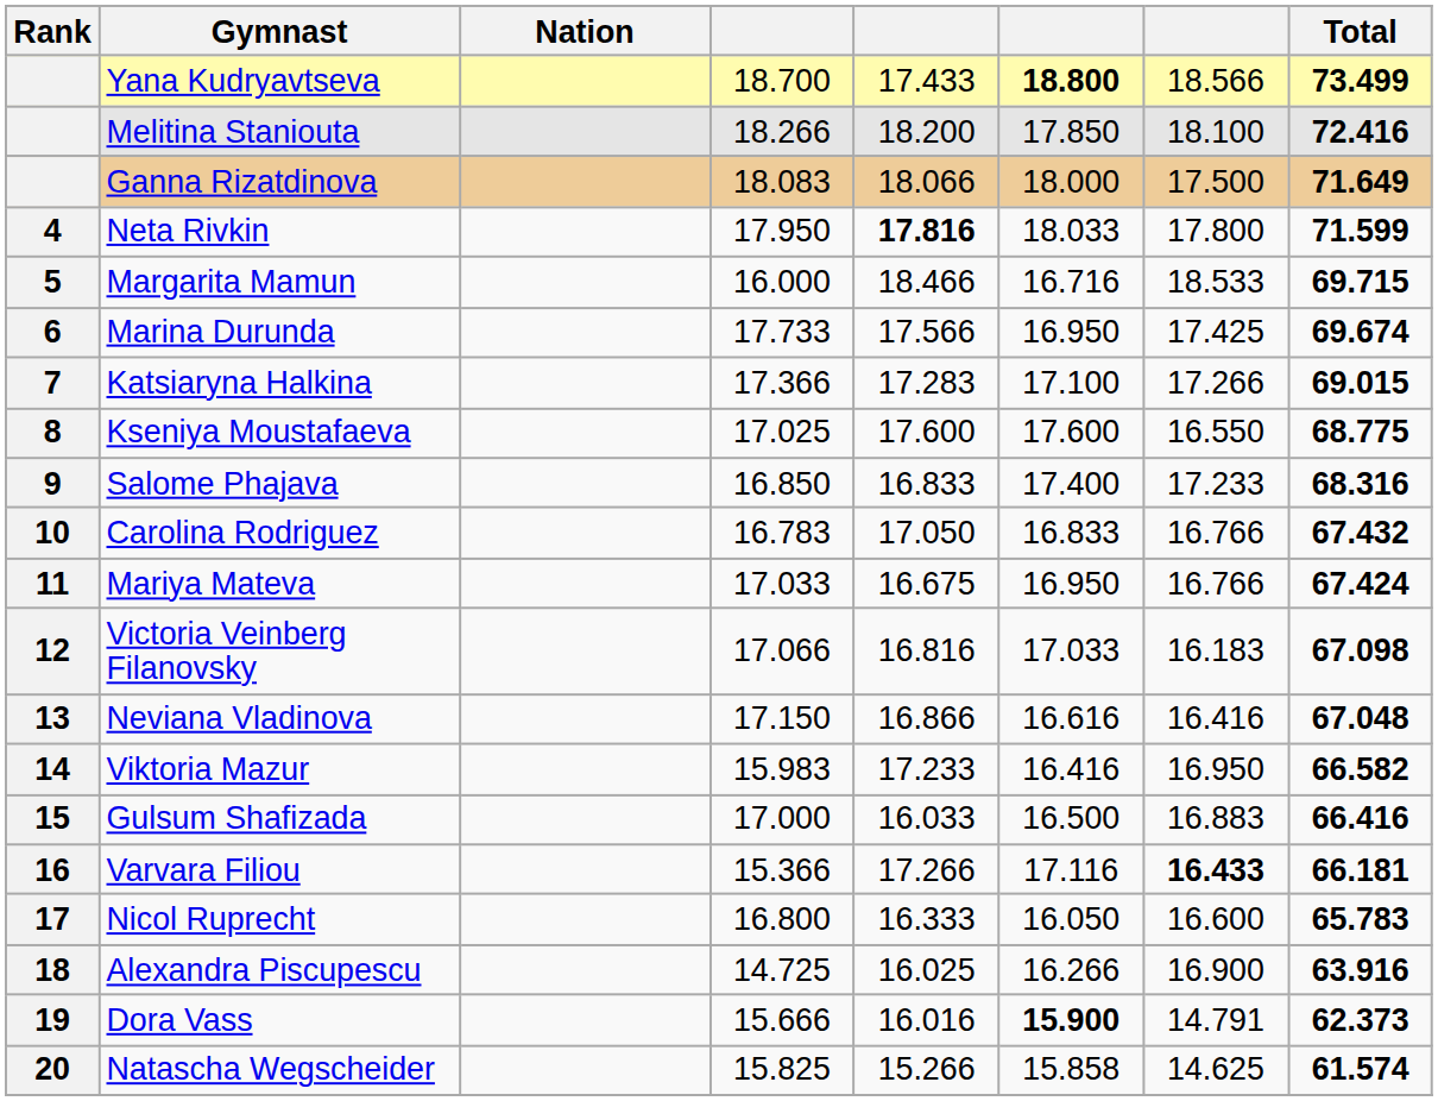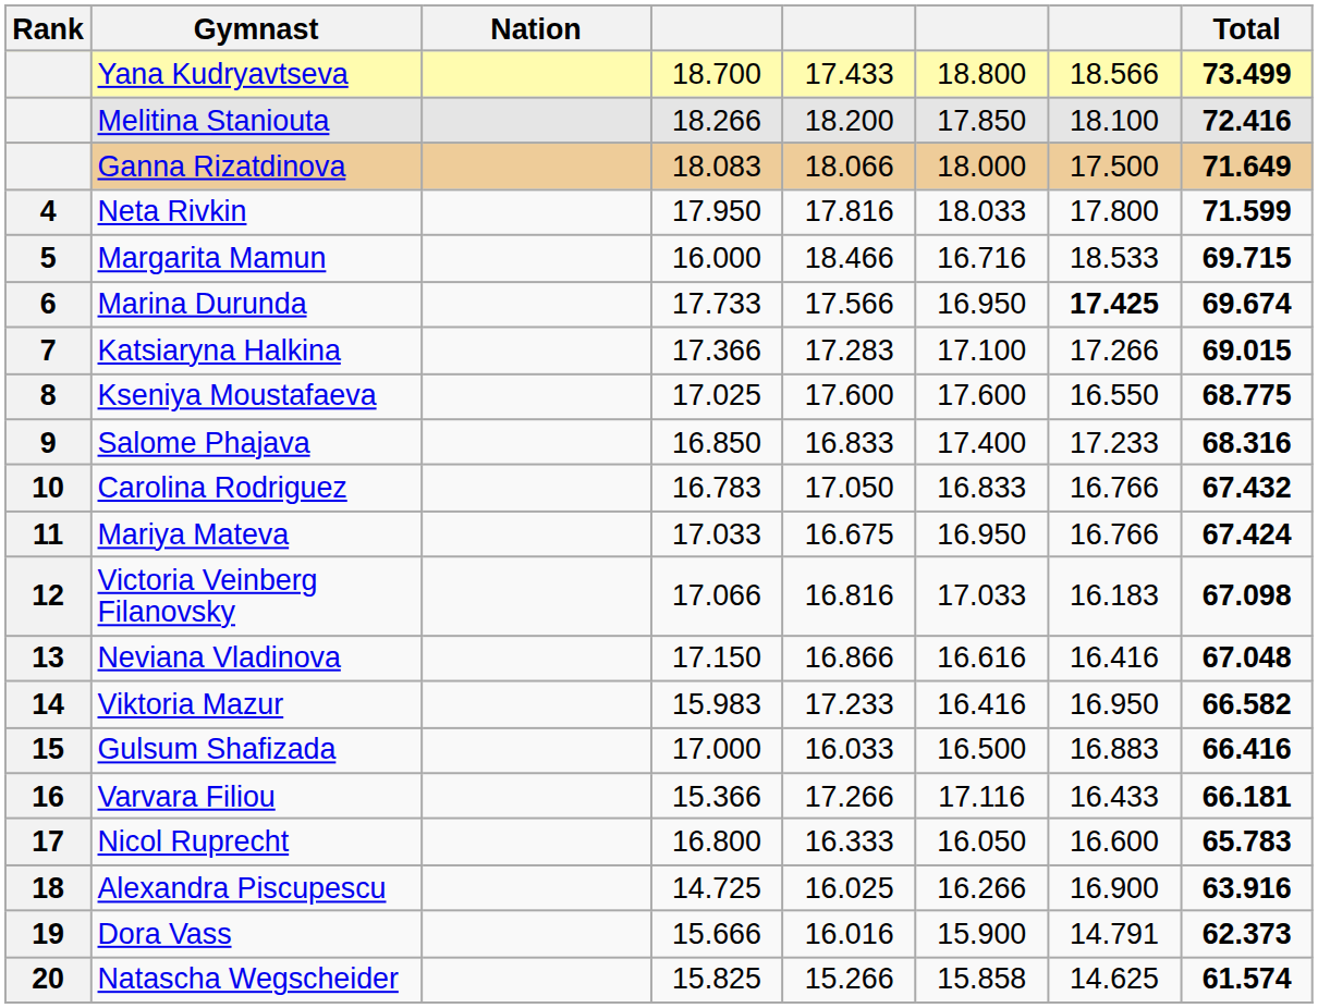 <table class="wikitable sortable" style="text-align:center; font-size:85%">
 <tr>
 <th scope="col" style="width:20px;">Rank</th>
 <th ! scope="col" style="width:170px;">Gymnast</th>
 <th ! scope="col" style="width:120px;">Nation</th>
 <th ! scope="col" style="width:60px;"></th>
 <th ! scope="col" style="width:60px;"></th>
 <th ! scope="col" style="width:60px;"></th>
 <th ! scope="col" style="width:60px;"></th>
 <th ! scope="col" style="width:60px;">Total</th>
 </tr>
 <tr bgcolor=fffcaf>
 <th scope=row></th>
 <td align=left><a href='#'>Yana Kudryavtseva</a></td>
 <td style="text-align:left;"></td>
 <td>18.700</td>
 <td>17.433</td>
-<td><strong>18.800</strong></td>
+<td>18.800</td>
 <td>18.566</td>
 <td><strong>73.499</strong></td>
 </tr>
 <tr bgcolor=e5e5e5>
 <th scope=row></th>
 <td align=left><a href='#'>Melitina Staniouta</a></td>
 <td style="text-align:left;"></td>
 <td>18.266</td>
 <td>18.200</td>
 <td>17.850</td>
 <td>18.100</td>
 <td><strong>72.416</strong></td>
 </tr>
 <tr bgcolor=eecc99>
 <th scope=row></th>
 <td align=left><a href='#'>Ganna Rizatdinova</a></td>
 <td style="text-align:left;"></td>
 <td>18.083</td>
 <td>18.066</td>
 <td>18.000</td>
 <td>17.500</td>
 <td><strong>71.649</strong></td>
 </tr>
 <tr>
 <th scope=row>4</th>
 <td align=left><a href='#'>Neta Rivkin</a></td>
 <td style="text-align:left;"></td>
 <td>17.950</td>
-<td><strong>17.816</strong></td>
+<td>17.816</td>
 <td>18.033</td>
 <td>17.800</td>
 <td><strong>71.599 </strong></td>
 </tr>
 <tr>
 <th scope=row>5</th>
 <td align=left><a href='#'>Margarita Mamun</a></td>
 <td style="text-align:left;"></td>
 <td>16.000</td>
 <td>18.466</td>
 <td>16.716</td>
 <td>18.533</td>
 <td><strong>69.715</strong></td>
 </tr>
 <tr>
 <th scope=row>6</th>
 <td align=left><a href='#'>Marina Durunda</a></td>
 <td style="text-align:left;"></td>
 <td>17.733</td>
 <td>17.566</td>
 <td>16.950</td>
-<td>17.425</td>
+<td><strong>17.425</strong></td>
 <td><strong>69.674</strong></td>
 </tr>
 <tr>
 <th scope=row>7</th>
 <td align=left><a href='#'>Katsiaryna Halkina</a></td>
 <td style="text-align:left;"></td>
 <td>17.366</td>
 <td>17.283</td>
 <td>17.100</td>
 <td>17.266</td>
 <td><strong>69.015</strong></td>
 </tr>
 <tr>
 <th scope=row>8</th>
 <td align=left><a href='#'>Kseniya Moustafaeva</a></td>
 <td style="text-align:left;"></td>
 <td>17.025</td>
 <td>17.600</td>
 <td>17.600</td>
 <td>16.550</td>
 <td><strong>68.775</strong></td>
 </tr>
 <tr>
 <th scope=row>9</th>
 <td align=left><a href='#'>Salome Phajava</a></td>
 <td style="text-align:left;"></td>
 <td>16.850</td>
 <td>16.833</td>
 <td>17.400</td>
 <td>17.233</td>
 <td><strong>68.316</strong></td>
 </tr>
 <tr>
 <th scope=row>10</th>
 <td align=left><a href='#'>Carolina Rodriguez</a></td>
 <td style="text-align:left;"></td>
 <td>16.783</td>
 <td>17.050</td>
 <td>16.833</td>
 <td>16.766</td>
 <td><strong>67.432</strong></td>
 </tr>
 <tr>
 <th scope=row>11</th>
 <td align=left><a href='#'>Mariya Mateva</a></td>
 <td style="text-align:left;"></td>
 <td>17.033</td>
 <td>16.675</td>
 <td>16.950</td>
 <td>16.766</td>
 <td><strong>67.424</strong></td>
 </tr>
 <tr>
 <th scope=row>12</th>
 <td align=left><a href='#'>Victoria Veinberg Filanovsky</a></td>
 <td style="text-align:left;"></td>
 <td>17.066</td>
 <td>16.816</td>
 <td>17.033</td>
 <td>16.183</td>
 <td><strong>67.098</strong></td>
 </tr>
 <tr>
 <th scope=row>13</th>
 <td align=left><a href='#'>Neviana Vladinova</a></td>
 <td style="text-align:left;"></td>
 <td>17.150</td>
 <td>16.866</td>
 <td>16.616</td>
 <td>16.416</td>
 <td><strong>67.048 </strong></td>
 </tr>
 <tr>
 <th scope=row>14</th>
 <td align=left><a href='#'>Viktoria Mazur</a></td>
 <td style="text-align:left;"></td>
 <td>15.983</td>
 <td>17.233</td>
 <td>16.416</td>
 <td>16.950</td>
 <td><strong>66.582</strong></td>
 </tr>
 <tr>
 <th scope=row>15</th>
 <td align=left><a href='#'>Gulsum Shafizada</a></td>
 <td style="text-align:left;"></td>
 <td>17.000</td>
 <td>16.033</td>
 <td>16.500</td>
 <td>16.883</td>
 <td><strong>66.416</strong></td>
 </tr>
 <tr>
 <th scope=row>16</th>
 <td align=left><a href='#'>Varvara Filiou</a></td>
 <td style="text-align:left;"></td>
 <td>15.366</td>
 <td>17.266</td>
 <td>17.116</td>
-<td><strong>16.433</strong></td>
+<td>16.433</td>
 <td><strong>66.181</strong></td>
 </tr>
 <tr>
 <th scope=row>17</th>
 <td align=left><a href='#'>Nicol Ruprecht</a></td>
 <td style="text-align:left;"></td>
 <td>16.800</td>
 <td>16.333</td>
 <td>16.050</td>
 <td>16.600</td>
 <td><strong>65.783</strong></td>
 </tr>
 <tr>
 <th scope=row>18</th>
 <td align=left><a href='#'>Alexandra Piscupescu</a></td>
 <td style="text-align:left;"></td>
 <td>14.725</td>
 <td>16.025</td>
 <td>16.266</td>
 <td>16.900</td>
 <td><strong>63.916</strong></td>
 </tr>
 <tr>
 <th scope=row>19</th>
 <td align=left><a href='#'>Dora Vass</a></td>
 <td style="text-align:left;"></td>
 <td>15.666</td>
 <td>16.016</td>
-<td><strong>15.900</strong></td>
+<td>15.900</td>
 <td>14.791</td>
 <td><strong>62.373 </strong></td>
 </tr>
 <tr>
 <th scope=row>20</th>
 <td align=left><a href='#'>Natascha Wegscheider</a></td>
 <td style="text-align:left;"></td>
 <td>15.825</td>
 <td>15.266</td>
 <td>15.858</td>
 <td>14.625</td>
 <td><strong>61.574 </strong></td>
 </tr>
 <tr>
 </tr>
 </table>
